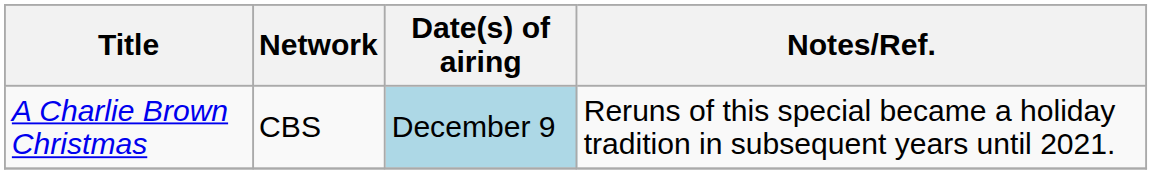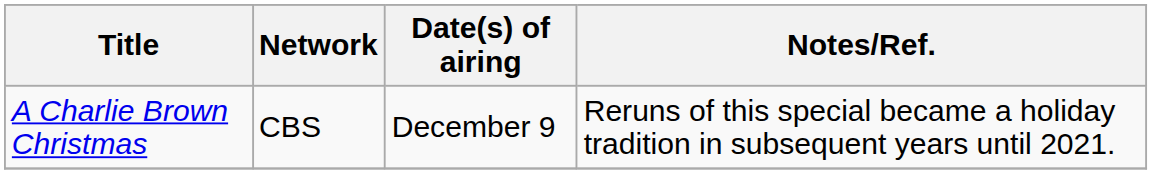 <table class=wikitable>
 <tr>
 <th>Title</th>
 <th>Network</th>
 <th>Date(s) of airing</th>
 <th>Notes/Ref.</th>
 </tr>
 <tr>
 <td><em><a href='#'>A Charlie Brown Christmas</a></em></td>
 <td>CBS</td>
-<td style="background: lightblue;">December 9</td>
+<td>December 9</td>
 <td>Reruns of this special became a holiday tradition in subsequent years until 2021.</td>
 </tr>
 <tr>
 </tr>
 </table>
